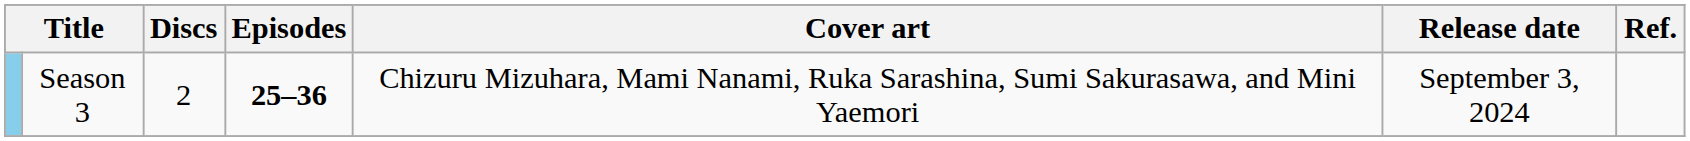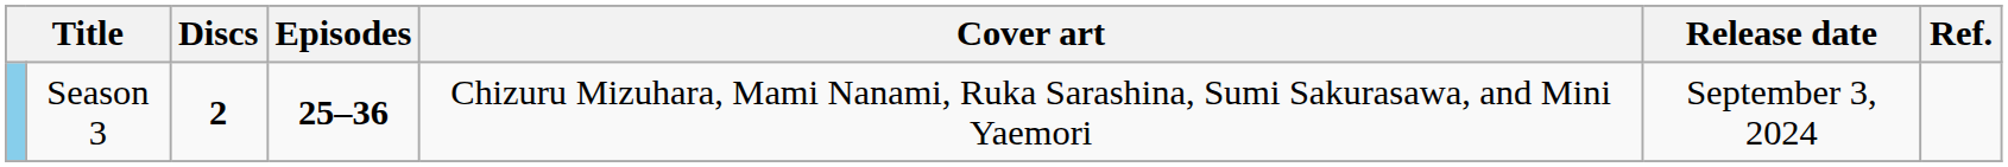 <table class="wikitable" style="text-align: center; width: 70%;">
 <tr>
 <th colspan="2">Title</th>
 <th>Discs</th>
 <th>Episodes</th>
 <th>Cover art</th>
 <th>Release date</th>
 <th>Ref.</th>
 </tr>
 <tr>
 <td rowspan="1" width="1%" style="background: #87CEEB;"></td>
 <td>Season 3</td>
-<td>2</td>
+<td><strong>2</strong></td>
 <td><strong>25–36</strong></td>
 <td>Chizuru Mizuhara, Mami Nanami, Ruka Sarashina, Sumi Sakurasawa, and Mini Yaemori</td>
 <td>September 3, 2024</td>
 <td></td>
 </tr>
 </table>
